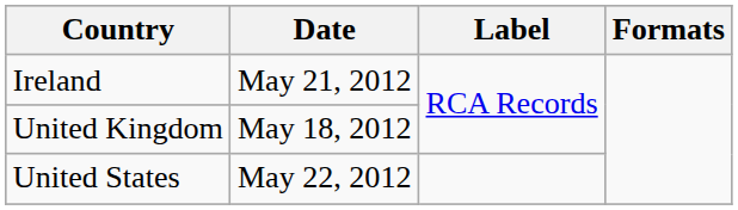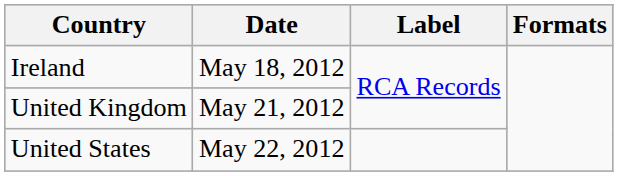 <table class="wikitable">
 <tr>
 <th>Country</th>
 <th>Date</th>
 <th>Label</th>
 <th>Formats</th>
 </tr>
 <tr>
 <td>Ireland</td>
-<td>May 21, 2012</td>
+<td>May 18, 2012</td>
 <td rowspan="2"><a href='#'>RCA Records</a></td>
 <td rowspan="3"></td>
 </tr>
 <tr>
 <td>United Kingdom</td>
-<td>May 18, 2012</td>
+<td>May 21, 2012</td>
 </tr>
 <tr>
 <td>United States</td>
 <td>May 22, 2012</td>
 <td></td>
 </tr>
 </table>
